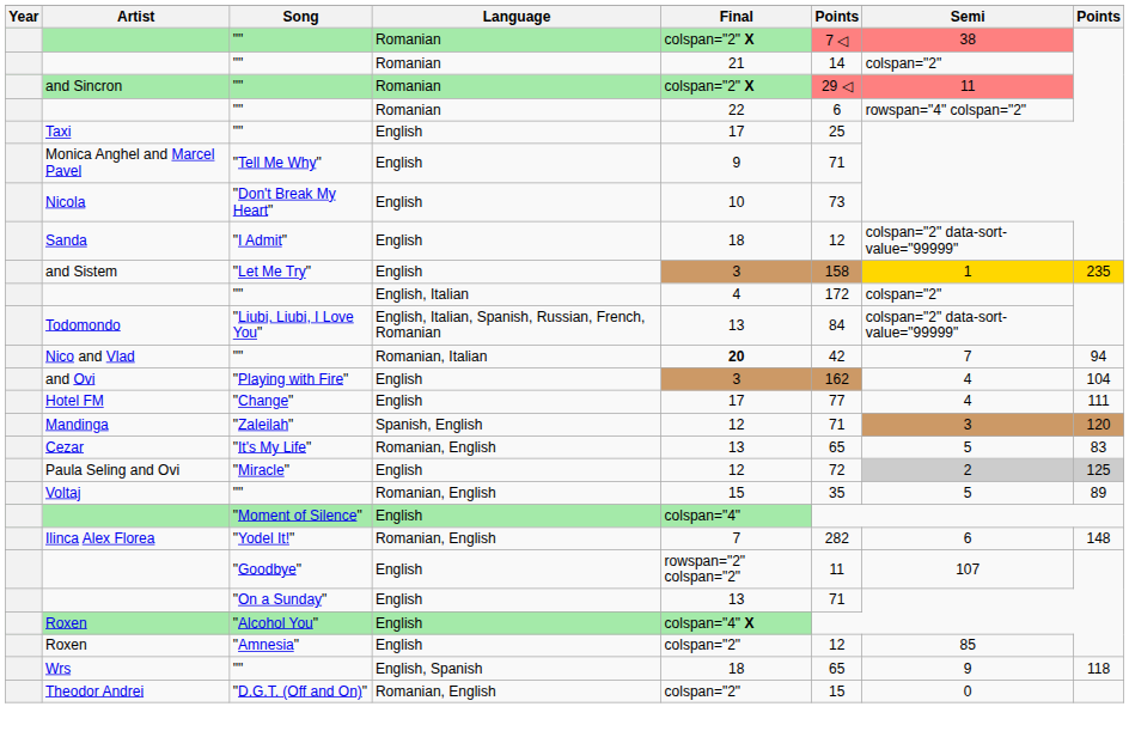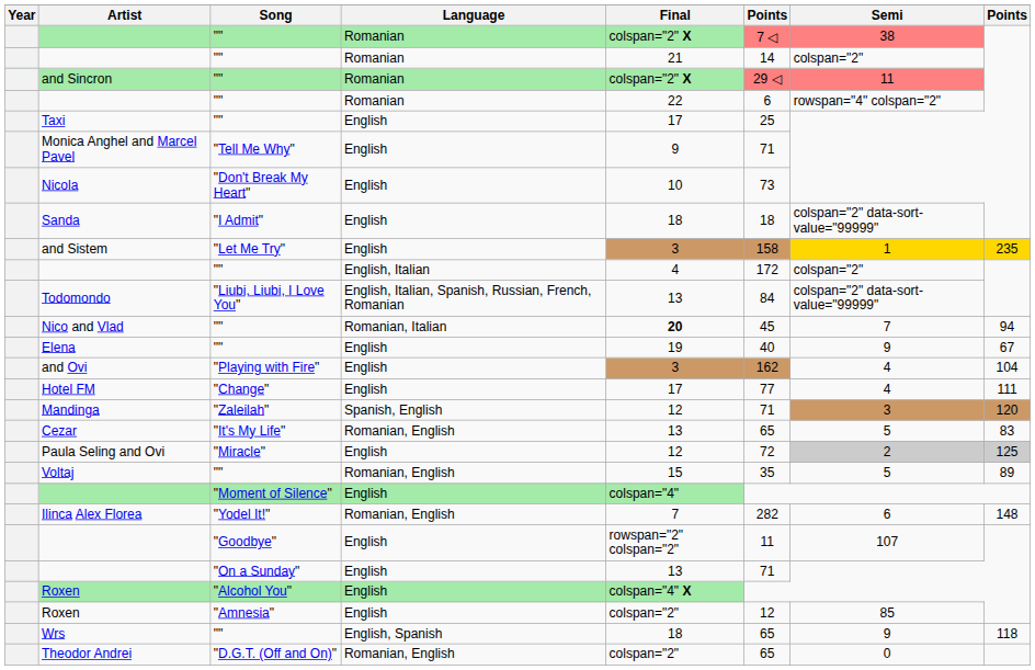 <table class="wikitable sortable plainrowheaders">
 <tr>
 </tr>
 <tr>
 <th scope="col">Year</th>
 <th scope="col">Artist</th>
 <th scope="col">Song</th>
 <th scope="col">Language</th>
 <th scope="col" data-sort-type="number">Final</th>
 <th scope="col" data-sort-type="number">Points</th>
 <th scope="col" data-sort-type="number">Semi</th>
 <th scope="col" data-sort-type="number">Points</th>
 </tr>
 <tr style="background:#A4EAA9;">
 <th scope="row" style="text-align:center;"></th>
 <td></td>
 <td>""</td>
 <td>Romanian</td>
 <td>colspan="2"  <strong>X</strong></td>
 <td style="text-align:center; background-color:#FE8080;">7 ◁</td>
 <td style="text-align:center; background-color:#FE8080;">38</td>
 </tr>
 <tr>
 <th scope="row" style="text-align:center;"></th>
 <td></td>
 <td>""</td>
 <td>Romanian</td>
 <td style="text-align:center;">21</td>
 <td style="text-align:center;">14</td>
 <td>colspan="2" </td>
 </tr>
 <tr style="background:#A4EAA9;">
 <th scope="row" style="text-align:center;"></th>
 <td> and Sincron</td>
 <td>""</td>
 <td>Romanian</td>
 <td>colspan="2"  <strong>X</strong></td>
 <td style="text-align:center; background-color:#FE8080;">29 ◁</td>
 <td style="text-align:center; background-color:#FE8080;">11</td>
 </tr>
 <tr>
 <th scope="row" style="text-align:center;"></th>
 <td></td>
 <td>""</td>
 <td>Romanian</td>
 <td style="text-align:center;">22</td>
 <td style="text-align:center;">6</td>
 <td>rowspan="4" colspan="2" </td>
 </tr>
 <tr>
 <th scope="row" style="text-align:center;"></th>
 <td><a href='#'>Taxi</a></td>
 <td>""</td>
 <td>English</td>
 <td style="text-align:center;">17</td>
 <td style="text-align:center;">25</td>
 </tr>
 <tr>
 <th scope="row" style="text-align:center;"></th>
 <td>Monica Anghel and <a href='#'>Marcel Pavel</a></td>
 <td>"<a href='#'>Tell Me Why</a>"</td>
 <td>English</td>
 <td style="text-align:center;">9</td>
 <td style="text-align:center;">71</td>
 </tr>
 <tr>
 <th scope="row" style="text-align:center;"></th>
 <td><a href='#'>Nicola</a></td>
 <td>"<a href='#'>Don't Break My Heart</a>"</td>
 <td>English</td>
 <td style="text-align:center;">10</td>
 <td style="text-align:center;">73</td>
 </tr>
 <tr>
 <th scope="row" style="text-align:center;"></th>
 <td><a href='#'>Sanda</a></td>
 <td>"<a href='#'>I Admit</a>"</td>
 <td>English</td>
 <td style="text-align:center;">18</td>
-<td style="text-align:center;">12</td>
+<td style="text-align:center;">18</td>
 <td>colspan="2" data-sort-value="99999" </td>
 </tr>
 <tr>
 <th scope="row" style="text-align:center;"></th>
 <td> and Sistem</td>
 <td>"<a href='#'>Let Me Try</a>"</td>
 <td>English</td>
 <td style="text-align:center; background-color:#C96;">3</td>
 <td style="text-align:center; background-color:#C96;">158</td>
 <td style="text-align:center; background-color:#FFD700;">1</td>
 <td style="text-align:center; background-color:#FFD700;">235</td>
 </tr>
 <tr>
 <th scope="row" style="text-align:center;"></th>
 <td></td>
 <td>""</td>
 <td>English, Italian</td>
 <td style="text-align:center;">4</td>
 <td style="text-align:center;">172</td>
 <td>colspan="2" </td>
 </tr>
 <tr>
 <th scope="row" style="text-align:center;"></th>
 <td><a href='#'>Todomondo</a></td>
 <td>"<a href='#'><span>Liubi, Liubi</span>, I Love You</a>"</td>
 <td>English, Italian, Spanish, Russian, French, Romanian</td>
 <td style="text-align:center;">13</td>
 <td style="text-align:center;">84</td>
 <td>colspan="2" data-sort-value="99999" </td>
 </tr>
 <tr>
 <th scope="row" style="text-align:center;"></th>
 <td><a href='#'>Nico</a> and <a href='#'>Vlad</a></td>
 <td>""</td>
 <td>Romanian, Italian</td>
 <td style="text-align:center;"><strong>20</strong></td>
-<td style="text-align:center;">42</td>
+<td style="text-align:center;">45</td>
 <td style="text-align:center;">7</td>
 <td style="text-align:center;">94</td>
+</tr>
+<tr>
+<th scope="row" style="text-align:center;"></th>
+<td><a href='#'>Elena</a></td>
+<td>""</td>
+<td>English</td>
+<td style="text-align:center;">19</td>
+<td style="text-align:center;">40</td>
+<td style="text-align:center;">9</td>
+<td style="text-align:center;">67</td>
 </tr>
 <tr>
 <th scope="row" style="text-align:center;"></th>
 <td> and <a href='#'>Ovi</a></td>
 <td>"<a href='#'>Playing with Fire</a>"</td>
 <td>English</td>
 <td style="text-align:center; background-color:#C96;">3</td>
 <td style="text-align:center; background-color:#C96;">162</td>
 <td style="text-align:center;">4</td>
 <td style="text-align:center;">104</td>
 </tr>
 <tr>
 <th scope="row" style="text-align:center;"></th>
 <td><a href='#'>Hotel FM</a></td>
 <td>"<a href='#'>Change</a>"</td>
 <td>English</td>
 <td style="text-align:center;">17</td>
 <td style="text-align:center;">77</td>
 <td style="text-align:center;">4</td>
 <td style="text-align:center;">111</td>
 </tr>
 <tr>
 <th scope="row" style="text-align:center;"></th>
 <td><a href='#'>Mandinga</a></td>
 <td>"<a href='#'>Zaleilah</a>"</td>
 <td>Spanish, English</td>
 <td style="text-align:center;">12</td>
 <td style="text-align:center;">71</td>
 <td style="text-align:center; background-color:#C96;">3</td>
 <td style="text-align:center; background-color:#C96;">120</td>
 </tr>
 <tr>
 <th scope="row" style="text-align:center;"></th>
 <td><a href='#'>Cezar</a></td>
 <td>"<a href='#'>It's My Life</a>"</td>
 <td>Romanian, English</td>
 <td style="text-align:center;">13</td>
 <td style="text-align:center;">65</td>
 <td style="text-align:center;">5</td>
 <td style="text-align:center;">83</td>
 </tr>
 <tr>
 <th scope="row" style="text-align:center;"></th>
 <td>Paula Seling and Ovi</td>
 <td>"<a href='#'>Miracle</a>"</td>
 <td>English</td>
 <td style="text-align:center;">12</td>
 <td style="text-align:center;">72</td>
 <td style="text-align:center; background-color:#CCC;">2</td>
 <td style="text-align:center; background-color:#CCC;">125</td>
 </tr>
 <tr>
 <th scope="row" style="text-align:center;"></th>
 <td><a href='#'>Voltaj</a></td>
 <td>""</td>
 <td>Romanian, English</td>
 <td style="text-align:center;">15</td>
 <td style="text-align:center;">35</td>
 <td style="text-align:center;">5</td>
 <td style="text-align:center;">89</td>
 </tr>
 <tr style="background:#A4EAA9;">
 <th scope="row" style="text-align:center;"></th>
 <td></td>
 <td>"<a href='#'>Moment of Silence</a>"</td>
 <td>English</td>
 <td>colspan="4" </td>
 </tr>
 <tr>
 <th scope="row" style="text-align:center;"></th>
 <td><a href='#'>Ilinca</a>  <a href='#'>Alex Florea</a></td>
 <td>"<a href='#'>Yodel It!</a>"</td>
 <td>Romanian, English</td>
 <td style="text-align:center;">7</td>
 <td style="text-align:center;">282</td>
 <td style="text-align:center;">6</td>
 <td style="text-align:center;">148</td>
 </tr>
 <tr>
 <th scope="row" style="text-align:center;"></th>
 <td></td>
 <td>"<a href='#'>Goodbye</a>"</td>
 <td>English</td>
 <td>rowspan="2" colspan="2" </td>
 <td style="text-align:center;">11</td>
 <td style="text-align:center;">107</td>
 </tr>
 <tr>
 <th scope="row" style="text-align:center;"></th>
 <td></td>
 <td>"<a href='#'>On a Sunday</a>"</td>
 <td>English</td>
 <td style="text-align:center;">13</td>
 <td style="text-align:center;">71</td>
 </tr>
 <tr style="background:#A4EAA9;">
 <th scope="row" style="text-align:center;"></th>
 <td><a href='#'>Roxen</a></td>
 <td>"<a href='#'>Alcohol You</a>"</td>
 <td>English</td>
 <td>colspan="4"  <strong>X</strong></td>
 </tr>
 <tr>
 <th scope="row" style="text-align:center;"></th>
 <td>Roxen</td>
 <td>"<a href='#'>Amnesia</a>"</td>
 <td>English</td>
 <td>colspan="2" </td>
 <td style="text-align:center;">12</td>
 <td style="text-align:center;">85</td>
 </tr>
 <tr>
 <th scope="row" style="text-align:center;"></th>
 <td><a href='#'>Wrs</a></td>
 <td>""</td>
 <td>English, Spanish</td>
 <td style="text-align:center;">18</td>
 <td style="text-align:center;">65</td>
 <td style="text-align:center;">9</td>
 <td style="text-align:center;">118</td>
 </tr>
 <tr>
 <th scope="row" style="text-align:center;"></th>
 <td><a href='#'>Theodor Andrei</a></td>
 <td>"<a href='#'>D.G.T. (Off and On)</a>"</td>
 <td>Romanian, English</td>
 <td>colspan="2" </td>
-<td style="text-align:center;">15</td>
+<td style="text-align:center;">65</td>
 <td style="text-align:center;">0</td>
 </tr>
 </table>
